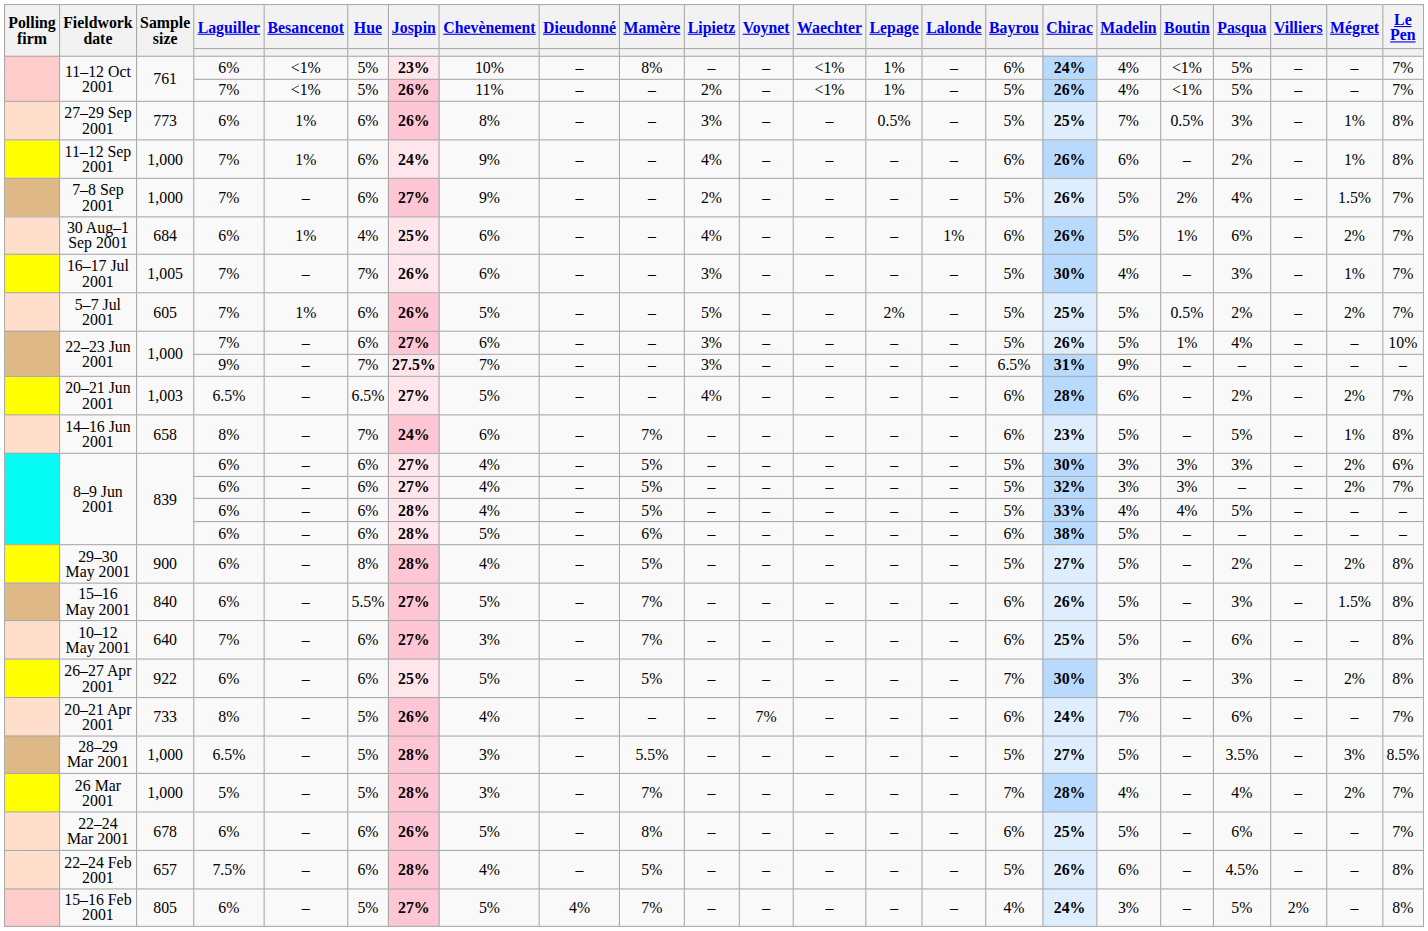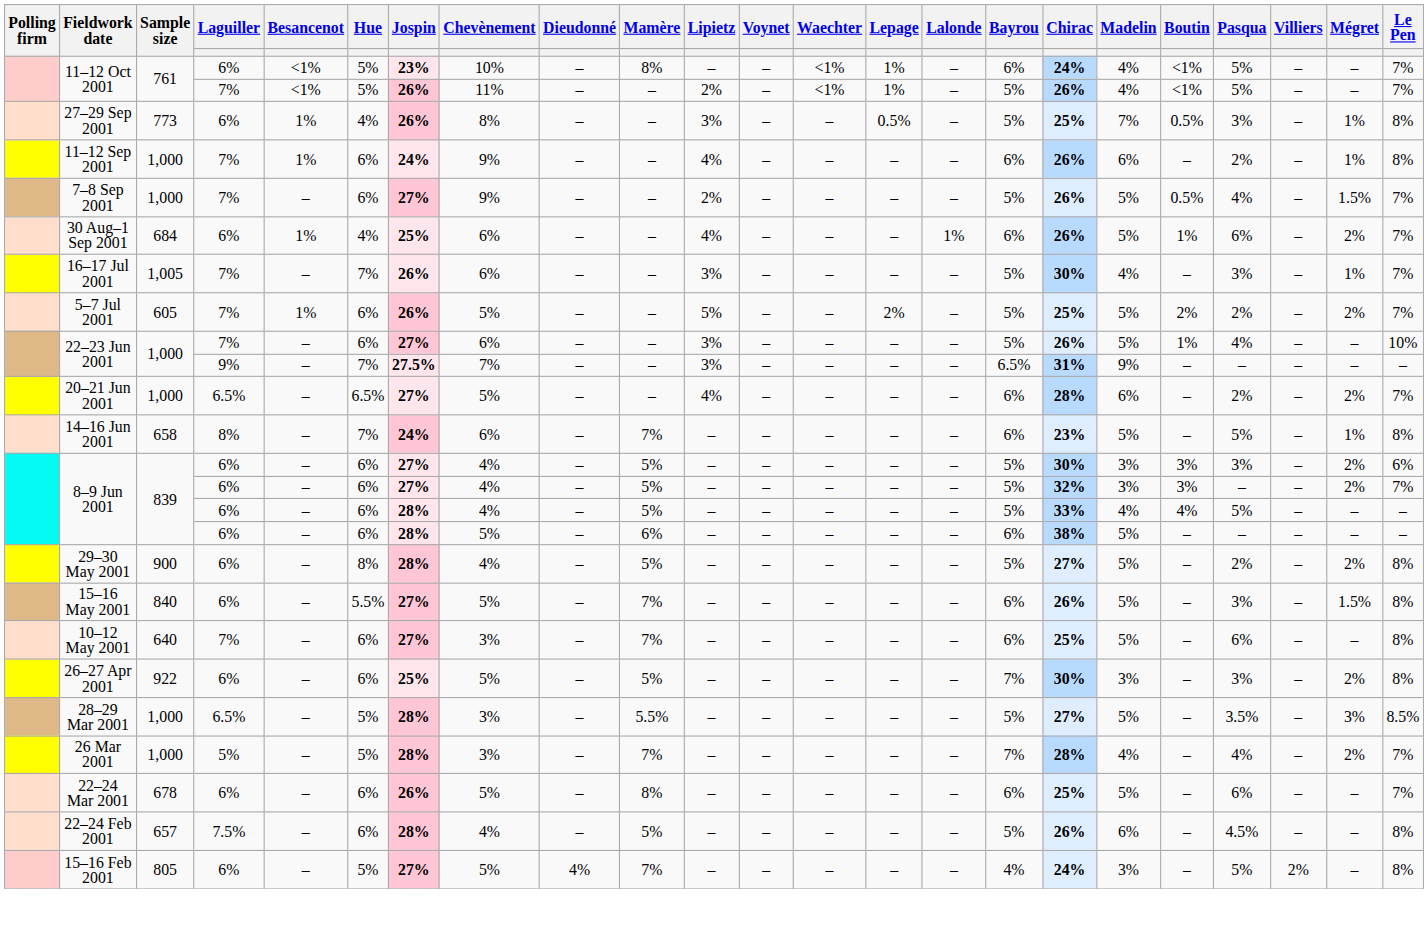 <table class="wikitable sortable" style="text-align:center;font-size:90%;line-height:14px;">
 <tr style="height:40px;">
 <th style="width:100px;" rowspan="2">Polling firm</th>
 <th style="width:110px;" rowspan="2">Fieldwork date</th>
 <th style="width:35px;" rowspan="2">Sample<br>size</th>
 <th class="unsortable" style="width:55px;"><a href='#'>Laguiller</a><br></th>
 <th class="unsortable" style="width:55px;"><a href='#'>Besancenot</a><br></th>
 <th class="unsortable" style="width:55px;"><a href='#'>Hue</a><br></th>
 <th class="unsortable" style="width:55px;"><a href='#'>Jospin</a><br></th>
 <th class="unsortable" style="width:55px;"><a href='#'>Chevènement</a><br></th>
 <th class="unsortable" style="width:55px;"><a href='#'>Dieudonné</a><br></th>
 <th class="unsortable" style="width:55px;"><a href='#'>Mamère</a><br></th>
 <th class="unsortable" style="width:55px;"><a href='#'>Lipietz</a><br></th>
 <th class="unsortable" style="width:55px;"><a href='#'>Voynet</a><br></th>
 <th class="unsortable" style="width:55px;"><a href='#'>Waechter</a><br></th>
 <th class="unsortable" style="width:55px;"><a href='#'>Lepage</a><br></th>
 <th class="unsortable" style="width:55px;"><a href='#'>Lalonde</a><br></th>
 <th class="unsortable" style="width:55px;"><a href='#'>Bayrou</a><br></th>
 <th class="unsortable" style="width:55px;"><a href='#'>Chirac</a><br></th>
 <th class="unsortable" style="width:55px;"><a href='#'>Madelin</a><br></th>
 <th class="unsortable" style="width:55px;"><a href='#'>Boutin</a><br></th>
 <th class="unsortable" style="width:55px;"><a href='#'>Pasqua</a><br></th>
 <th class="unsortable" style="width:55px;"><a href='#'>Villiers</a><br></th>
 <th class="unsortable" style="width:55px;"><a href='#'>Mégret</a><br></th>
 <th class="unsortable" style="width:55px;"><a href='#'>Le Pen</a><br></th>
 </tr>
 <tr>
 <th style="background:"></th>
 <th style="background:"></th>
 <th style="background:"></th>
 <th style="background:"></th>
 <th style="background:"></th>
 <th style="background:"></th>
 <th style="background:"></th>
 <th style="background:"></th>
 <th style="background:"></th>
 <th style="background:"></th>
 <th style="background:"></th>
 <th style="background:"></th>
 <th style="background:"></th>
 <th style="background:"></th>
 <th style="background:"></th>
 <th style="background:"></th>
 <th style="background:"></th>
 <th style="background:"></th>
 <th style="background:"></th>
 <th style="background:"></th>
 </tr>
 <tr>
 <td rowspan="2" style="background:#FFCCCC;"></td>
 <td rowspan="2" data-sort-value="2001-10-12">11–12 Oct 2001</td>
 <td rowspan="2">761</td>
 <td>6%</td>
 <td data-sort-value="0%"><1%</td>
 <td>5%</td>
 <td style="background:#FFE6EC;"><strong>23%</strong></td>
 <td>10%</td>
 <td>–</td>
 <td>8%</td>
 <td>–</td>
 <td>–</td>
 <td data-sort-value="0%"><1%</td>
 <td>1%</td>
 <td>–</td>
 <td>6%</td>
 <td style="background:#B9DAFF;"><strong>24%</strong></td>
 <td>4%</td>
 <td data-sort-value="0%"><1%</td>
 <td>5%</td>
 <td>–</td>
 <td>–</td>
 <td>7%</td>
 </tr>
 <tr>
 <td>7%</td>
 <td data-sort-value="0%"><1%</td>
 <td>5%</td>
 <td style="background:#FFC6D5;"><strong>26%</strong></td>
 <td>11%</td>
 <td>–</td>
 <td>–</td>
 <td>2%</td>
 <td>–</td>
 <td data-sort-value="0%"><1%</td>
 <td>1%</td>
 <td>–</td>
 <td>5%</td>
 <td style="background:#B9DAFF;"><strong>26%</strong></td>
 <td>4%</td>
 <td data-sort-value="0%"><1%</td>
 <td>5%</td>
 <td>–</td>
 <td>–</td>
 <td>7%</td>
 </tr>
 <tr>
 <td style="background:#FFDFCC;"></td>
 <td data-sort-value="2001-09-29">27–29 Sep 2001</td>
 <td>773</td>
 <td>6%</td>
 <td>1%</td>
-<td>6%</td>
+<td>4%</td>
 <td style="background:#FFC6D5;"><strong>26%</strong></td>
 <td>8%</td>
 <td>–</td>
 <td>–</td>
 <td>3%</td>
 <td>–</td>
 <td>–</td>
 <td>0.5%</td>
 <td>–</td>
 <td>5%</td>
 <td style="background:#DFEEFF;"><strong>25%</strong></td>
 <td>7%</td>
 <td>0.5%</td>
 <td>3%</td>
 <td>–</td>
 <td>1%</td>
 <td>8%</td>
 </tr>
 <tr>
 <td style="background:yellow;"></td>
 <td data-sort-value="2001-09-12">11–12 Sep 2001</td>
 <td>1,000</td>
 <td>7%</td>
 <td>1%</td>
 <td>6%</td>
 <td style="background:#FFE6EC;"><strong>24%</strong></td>
 <td>9%</td>
 <td>–</td>
 <td>–</td>
 <td>4%</td>
 <td>–</td>
 <td>–</td>
 <td>–</td>
 <td>–</td>
 <td>6%</td>
 <td style="background:#B9DAFF;"><strong>26%</strong></td>
 <td>6%</td>
 <td>–</td>
 <td>2%</td>
 <td>–</td>
 <td>1%</td>
 <td>8%</td>
 </tr>
 <tr>
 <td style="background:burlywood;"></td>
 <td data-sort-value="2001-09-08">7–8 Sep 2001</td>
 <td>1,000</td>
 <td>7%</td>
 <td>–</td>
 <td>6%</td>
 <td style="background:#FFC6D5;"><strong>27%</strong></td>
 <td>9%</td>
 <td>–</td>
 <td>–</td>
 <td>2%</td>
 <td>–</td>
 <td>–</td>
 <td>–</td>
 <td>–</td>
 <td>5%</td>
 <td style="background:#DFEEFF;"><strong>26%</strong></td>
 <td>5%</td>
-<td>2%</td>
+<td>0.5%</td>
 <td>4%</td>
 <td>–</td>
 <td>1.5%</td>
 <td>7%</td>
 </tr>
 <tr>
 <td style="background:#FFDFCC;"></td>
 <td data-sort-value="2001-09-01">30 Aug–1 Sep 2001</td>
 <td>684</td>
 <td>6%</td>
 <td>1%</td>
 <td>4%</td>
 <td style="background:#FFE6EC;"><strong>25%</strong></td>
 <td>6%</td>
 <td>–</td>
 <td>–</td>
 <td>4%</td>
 <td>–</td>
 <td>–</td>
 <td>–</td>
 <td>1%</td>
 <td>6%</td>
 <td style="background:#B9DAFF;"><strong>26%</strong></td>
 <td>5%</td>
 <td>1%</td>
 <td>6%</td>
 <td>–</td>
 <td>2%</td>
 <td>7%</td>
 </tr>
 <tr>
 <td style="background:yellow;"></td>
 <td data-sort-value="2001-07-17">16–17 Jul 2001</td>
 <td>1,005</td>
 <td>7%</td>
 <td>–</td>
 <td>7%</td>
 <td style="background:#FFE6EC;"><strong>26%</strong></td>
 <td>6%</td>
 <td>–</td>
 <td>–</td>
 <td>3%</td>
 <td>–</td>
 <td>–</td>
 <td>–</td>
 <td>–</td>
 <td>5%</td>
 <td style="background:#B9DAFF;"><strong>30%</strong></td>
 <td>4%</td>
 <td>–</td>
 <td>3%</td>
 <td>–</td>
 <td>1%</td>
 <td>7%</td>
 </tr>
 <tr>
 <td style="background:#FFDFCC;"></td>
 <td data-sort-value="2001-07-07">5–7 Jul 2001</td>
 <td>605</td>
 <td>7%</td>
 <td>1%</td>
 <td>6%</td>
 <td style="background:#FFC6D5;"><strong>26%</strong></td>
 <td>5%</td>
 <td>–</td>
 <td>–</td>
 <td>5%</td>
 <td>–</td>
 <td>–</td>
 <td>2%</td>
 <td>–</td>
 <td>5%</td>
 <td style="background:#DFEEFF;"><strong>25%</strong></td>
 <td>5%</td>
-<td>0.5%</td>
+<td>2%</td>
 <td>2%</td>
 <td>–</td>
 <td>2%</td>
 <td>7%</td>
 </tr>
 <tr>
 <td rowspan="2" style="background:burlywood;"></td>
 <td rowspan="2" data-sort-value="2001-06-23">22–23 Jun 2001</td>
 <td rowspan="2">1,000</td>
 <td>7%</td>
 <td>–</td>
 <td>6%</td>
 <td style="background:#FFC6D5;"><strong>27%</strong></td>
 <td>6%</td>
 <td>–</td>
 <td>–</td>
 <td>3%</td>
 <td>–</td>
 <td>–</td>
 <td>–</td>
 <td>–</td>
 <td>5%</td>
 <td style="background:#DFEEFF;"><strong>26%</strong></td>
 <td>5%</td>
 <td>1%</td>
 <td>4%</td>
 <td>–</td>
 <td>–</td>
 <td>10%</td>
 </tr>
 <tr>
 <td>9%</td>
 <td>–</td>
 <td>7%</td>
 <td style="background:#FFE6EC;"><strong>27.5%</strong></td>
 <td>7%</td>
 <td>–</td>
 <td>–</td>
 <td>3%</td>
 <td>–</td>
 <td>–</td>
 <td>–</td>
 <td>–</td>
 <td>6.5%</td>
 <td style="background:#B9DAFF;"><strong>31%</strong></td>
 <td>9%</td>
 <td>–</td>
 <td>–</td>
 <td>–</td>
 <td>–</td>
 <td>–</td>
 </tr>
 <tr>
 <td style="background:yellow;"></td>
 <td data-sort-value="2001-06-21">20–21 Jun 2001</td>
-<td>1,003</td>
+<td>1,000</td>
 <td>6.5%</td>
 <td>–</td>
 <td>6.5%</td>
 <td style="background:#FFE6EC;"><strong>27%</strong></td>
 <td>5%</td>
 <td>–</td>
 <td>–</td>
 <td>4%</td>
 <td>–</td>
 <td>–</td>
 <td>–</td>
 <td>–</td>
 <td>6%</td>
 <td style="background:#B9DAFF;"><strong>28%</strong></td>
 <td>6%</td>
 <td>–</td>
 <td>2%</td>
 <td>–</td>
 <td>2%</td>
 <td>7%</td>
 </tr>
 <tr>
 <td style="background:#FFDFCC;"></td>
 <td data-sort-value="2001-06-16">14–16 Jun 2001</td>
 <td>658</td>
 <td>8%</td>
 <td>–</td>
 <td>7%</td>
 <td style="background:#FFC6D5;"><strong>24%</strong></td>
 <td>6%</td>
 <td>–</td>
 <td>7%</td>
 <td>–</td>
 <td>–</td>
 <td>–</td>
 <td>–</td>
 <td>–</td>
 <td>6%</td>
 <td style="background:#DFEEFF;"><strong>23%</strong></td>
 <td>5%</td>
 <td>–</td>
 <td>5%</td>
 <td>–</td>
 <td>1%</td>
 <td>8%</td>
 </tr>
 <tr>
 <td rowspan="4" style="background:#04FBF4;"></td>
 <td rowspan="4" data-sort-value="2001-06-09">8–9 Jun 2001</td>
 <td rowspan="4">839</td>
 <td>6%</td>
 <td>–</td>
 <td>6%</td>
 <td style="background:#FFE6EC;"><strong>27%</strong></td>
 <td>4%</td>
 <td>–</td>
 <td>5%</td>
 <td>–</td>
 <td>–</td>
 <td>–</td>
 <td>–</td>
 <td>–</td>
 <td>5%</td>
 <td style="background:#B9DAFF;"><strong>30%</strong></td>
 <td>3%</td>
 <td>3%</td>
 <td>3%</td>
 <td>–</td>
 <td>2%</td>
 <td>6%</td>
 </tr>
 <tr>
 <td>6%</td>
 <td>–</td>
 <td>6%</td>
 <td style="background:#FFE6EC;"><strong>27%</strong></td>
 <td>4%</td>
 <td>–</td>
 <td>5%</td>
 <td>–</td>
 <td>–</td>
 <td>–</td>
 <td>–</td>
 <td>–</td>
 <td>5%</td>
 <td style="background:#B9DAFF;"><strong>32%</strong></td>
 <td>3%</td>
 <td>3%</td>
 <td>–</td>
 <td>–</td>
 <td>2%</td>
 <td>7%</td>
 </tr>
 <tr>
 <td>6%</td>
 <td>–</td>
 <td>6%</td>
 <td style="background:#FFE6EC;"><strong>28%</strong></td>
 <td>4%</td>
 <td>–</td>
 <td>5%</td>
 <td>–</td>
 <td>–</td>
 <td>–</td>
 <td>–</td>
 <td>–</td>
 <td>5%</td>
 <td style="background:#B9DAFF;"><strong>33%</strong></td>
 <td>4%</td>
 <td>4%</td>
 <td>5%</td>
 <td>–</td>
 <td>–</td>
 <td>–</td>
 </tr>
 <tr>
 <td>6%</td>
 <td>–</td>
 <td>6%</td>
 <td style="background:#FFE6EC;"><strong>28%</strong></td>
 <td>5%</td>
 <td>–</td>
 <td>6%</td>
 <td>–</td>
 <td>–</td>
 <td>–</td>
 <td>–</td>
 <td>–</td>
 <td>6%</td>
 <td style="background:#B9DAFF;"><strong>38%</strong></td>
 <td>5%</td>
 <td>–</td>
 <td>–</td>
 <td>–</td>
 <td>–</td>
 <td>–</td>
 </tr>
 <tr>
 <td style="background:yellow;"></td>
 <td data-sort-value="2001-05-30">29–30 May 2001</td>
 <td>900</td>
 <td>6%</td>
 <td>–</td>
 <td>8%</td>
 <td style="background:#FFC6D5;"><strong>28%</strong></td>
 <td>4%</td>
 <td>–</td>
 <td>5%</td>
 <td>–</td>
 <td>–</td>
 <td>–</td>
 <td>–</td>
 <td>–</td>
 <td>5%</td>
 <td style="background:#DFEEFF;"><strong>27%</strong></td>
 <td>5%</td>
 <td>–</td>
 <td>2%</td>
 <td>–</td>
 <td>2%</td>
 <td>8%</td>
 </tr>
 <tr>
 <td style="background:burlywood;"></td>
 <td data-sort-value="2001-05-16">15–16 May 2001</td>
 <td>840</td>
 <td>6%</td>
 <td>–</td>
 <td>5.5%</td>
 <td style="background:#FFC6D5;"><strong>27%</strong></td>
 <td>5%</td>
 <td>–</td>
 <td>7%</td>
 <td>–</td>
 <td>–</td>
 <td>–</td>
 <td>–</td>
 <td>–</td>
 <td>6%</td>
 <td style="background:#DFEEFF;"><strong>26%</strong></td>
 <td>5%</td>
 <td>–</td>
 <td>3%</td>
 <td>–</td>
 <td>1.5%</td>
 <td>8%</td>
 </tr>
 <tr>
 <td style="background:#FFDFCC;"></td>
 <td data-sort-value="2001-05-12">10–12 May 2001</td>
 <td>640</td>
 <td>7%</td>
 <td>–</td>
 <td>6%</td>
 <td style="background:#FFC6D5;"><strong>27%</strong></td>
 <td>3%</td>
 <td>–</td>
 <td>7%</td>
 <td>–</td>
 <td>–</td>
 <td>–</td>
 <td>–</td>
 <td>–</td>
 <td>6%</td>
 <td style="background:#DFEEFF;"><strong>25%</strong></td>
 <td>5%</td>
 <td>–</td>
 <td>6%</td>
 <td>–</td>
 <td>–</td>
 <td>8%</td>
 </tr>
 <tr>
 <td style="background:yellow;"></td>
 <td data-sort-value="2001-04-27">26–27 Apr 2001</td>
 <td>922</td>
 <td>6%</td>
 <td>–</td>
 <td>6%</td>
 <td style="background:#FFE6EC;"><strong>25%</strong></td>
 <td>5%</td>
 <td>–</td>
 <td>5%</td>
 <td>–</td>
 <td>–</td>
 <td>–</td>
 <td>–</td>
 <td>–</td>
 <td>7%</td>
 <td style="background:#B9DAFF;"><strong>30%</strong></td>
 <td>3%</td>
 <td>–</td>
 <td>3%</td>
 <td>–</td>
 <td>2%</td>
 <td>8%</td>
 </tr>
 <tr>
-<td style="background:#FFDFCC;"></td>
-<td data-sort-value="2001-04-21">20–21 Apr 2001</td>
-<td>733</td>
-<td>8%</td>
-<td>–</td>
-<td>5%</td>
-<td style="background:#FFC6D5;"><strong>26%</strong></td>
-<td>4%</td>
-<td>–</td>
-<td>–</td>
-<td>–</td>
-<td>7%</td>
-<td>–</td>
-<td>–</td>
-<td>–</td>
-<td>6%</td>
-<td style="background:#DFEEFF;"><strong>24%</strong></td>
-<td>7%</td>
-<td>–</td>
-<td>6%</td>
-<td>–</td>
-<td>–</td>
-<td>7%</td>
-</tr>
-<tr>
 <td style="background:burlywood;"></td>
 <td data-sort-value="2001-03-29">28–29 Mar 2001</td>
 <td>1,000</td>
 <td>6.5%</td>
 <td>–</td>
 <td>5%</td>
 <td style="background:#FFC6D5;"><strong>28%</strong></td>
 <td>3%</td>
 <td>–</td>
 <td>5.5%</td>
 <td>–</td>
 <td>–</td>
 <td>–</td>
 <td>–</td>
 <td>–</td>
 <td>5%</td>
 <td style="background:#DFEEFF;"><strong>27%</strong></td>
 <td>5%</td>
 <td>–</td>
 <td>3.5%</td>
 <td>–</td>
 <td>3%</td>
 <td>8.5%</td>
 </tr>
 <tr>
 <td style="background:yellow;"></td>
 <td data-sort-value="2001-03-26">26 Mar 2001</td>
 <td>1,000</td>
 <td>5%</td>
 <td>–</td>
 <td>5%</td>
 <td style="background:#FFC6D5;"><strong>28%</strong></td>
 <td>3%</td>
 <td>–</td>
 <td>7%</td>
 <td>–</td>
 <td>–</td>
 <td>–</td>
 <td>–</td>
 <td>–</td>
 <td>7%</td>
 <td style="background:#B9DAFF;"><strong>28%</strong></td>
 <td>4%</td>
 <td>–</td>
 <td>4%</td>
 <td>–</td>
 <td>2%</td>
 <td>7%</td>
 </tr>
 <tr>
 <td style="background:#FFDFCC;"></td>
 <td data-sort-value="2001-03-24">22–24 Mar 2001</td>
 <td>678</td>
 <td>6%</td>
 <td>–</td>
 <td>6%</td>
 <td style="background:#FFC6D5;"><strong>26%</strong></td>
 <td>5%</td>
 <td>–</td>
 <td>8%</td>
 <td>–</td>
 <td>–</td>
 <td>–</td>
 <td>–</td>
 <td>–</td>
 <td>6%</td>
 <td style="background:#DFEEFF;"><strong>25%</strong></td>
 <td>5%</td>
 <td>–</td>
 <td>6%</td>
 <td>–</td>
 <td>–</td>
 <td>7%</td>
 </tr>
 <tr>
 <td style="background:#FFDFCC;"></td>
 <td data-sort-value="2001-02-24">22–24 Feb 2001</td>
 <td>657</td>
 <td>7.5%</td>
 <td>–</td>
 <td>6%</td>
 <td style="background:#FFC6D5;"><strong>28%</strong></td>
 <td>4%</td>
 <td>–</td>
 <td>5%</td>
 <td>–</td>
 <td>–</td>
 <td>–</td>
 <td>–</td>
 <td>–</td>
 <td>5%</td>
 <td style="background:#DFEEFF;"><strong>26%</strong></td>
 <td>6%</td>
 <td>–</td>
 <td>4.5%</td>
 <td>–</td>
 <td>–</td>
 <td>8%</td>
 </tr>
 <tr>
 <td style="background:#FFCCCC;"></td>
 <td data-sort-value="2001-02-16">15–16 Feb 2001</td>
 <td>805</td>
 <td>6%</td>
 <td>–</td>
 <td>5%</td>
 <td style="background:#FFC6D5;"><strong>27%</strong></td>
 <td>5%</td>
 <td>4%</td>
 <td>7%</td>
 <td>–</td>
 <td>–</td>
 <td>–</td>
 <td>–</td>
 <td>–</td>
 <td>4%</td>
 <td style="background:#DFEEFF;"><strong>24%</strong></td>
 <td>3%</td>
 <td>–</td>
 <td>5%</td>
 <td>2%</td>
 <td>–</td>
 <td>8%</td>
 </tr>
 </table>
